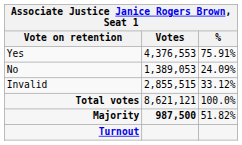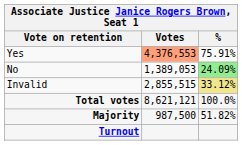 <table class="wikitable" style="font-size: 95%; clear:both">
 <tr>
 <th colspan=7>Associate Justice <a href='#'>Janice Rogers Brown</a>, Seat 1</th>
 </tr>
 <tr>
 <th style="width: 170px">Vote on retention</th>
 <th style="width: 50px">Votes</th>
 <th style="width: 40px">%</th>
 </tr>
 <tr>
 <td>Yes</td>
-<td align="right">4,376,553</td>
+<td align="right" style="background: lightsalmon;">4,376,553</td>
 <td align="right">75.91%</td>
 </tr>
 <tr>
 <td>No</td>
 <td align="right">1,389,053</td>
-<td align="right">24.09%</td>
+<td align="right" style="background: lightgreen;">24.09%</td>
 </tr>
 <tr>
 <td>Invalid</td>
 <td align="right">2,855,515</td>
-<td align="right">33.12%</td>
+<td align="right" style="background: khaki;">33.12%</td>
 </tr>
 <tr style="background-color:#F6F6F6">
 <td colspan="1" align="right"><strong>Total votes</strong></td>
 <td align="right">8,621,121</td>
 <td align="right">100.0%</td>
 </tr>
 <tr style="background-color:#F6F6F6">
 <td colspan="1" style="text-align: right; margin-right: 0.5em"><strong>Majority</strong></td>
-<td style="text-align: right; margin-right: 0.5em"><strong>987,500</strong></td>
+<td style="text-align: right; margin-right: 0.5em">987,500</td>
 <td style="text-align: right; margin-right: 0.5em">51.82%</td>
 </tr>
 <tr style="background-color:#F6F6F6">
 <td colspan="1" style="text-align: right; margin-right: 0.5em"><strong><a href='#'>Turnout</a></strong></td>
 <td style="text-align: right; margin-right: 0.5em"></td>
 <td style="text-align: right; margin-right: 0.5em"></td>
 </tr>
 </table>
